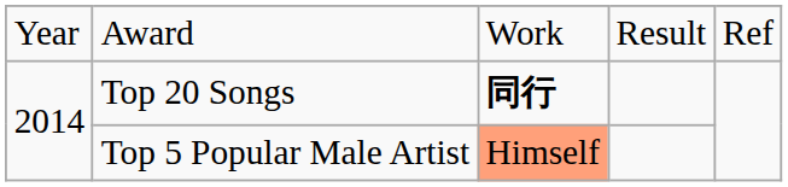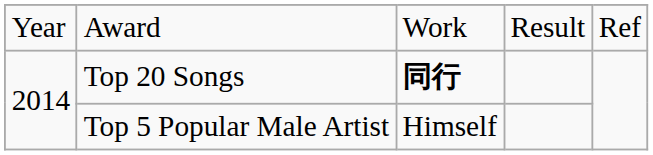 <table class="wikitable">
 <tr>
 <td>Year</td>
 <td>Award</td>
 <td>Work</td>
 <td>Result</td>
 <td>Ref</td>
 </tr>
 <tr>
 <td rowspan="2">2014</td>
 <td>Top 20 Songs</td>
 <td><strong>同行</strong></td>
 <td></td>
 <td rowspan="2"></td>
 </tr>
 <tr>
 <td>Top 5 Popular Male Artist</td>
-<td style="background: lightsalmon;">Himself</td>
+<td>Himself</td>
 <td></td>
 </tr>
 </table>
